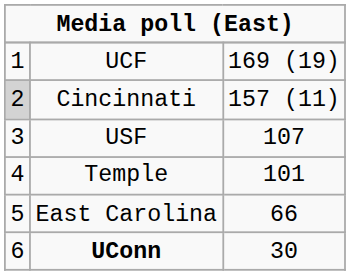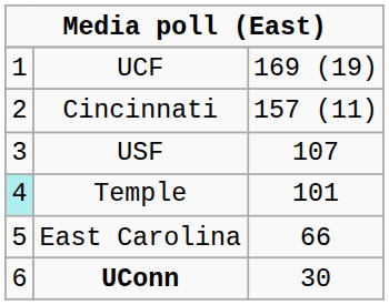 <table class="wikitable">
 <tr align="center">
 <td align="center" Colspan="3"><strong>Media poll (East)</strong></td>
 </tr>
 <tr align="center">
 </tr>
 <tr align="center">
 <td>1</td>
 <td>UCF</td>
 <td>169 (19)</td>
 </tr>
 <tr align="center">
-<td style="background: lightgrey;">2</td>
+<td>2</td>
 <td>Cincinnati</td>
 <td>157 (11)</td>
 </tr>
 <tr align="center">
 <td>3</td>
 <td>USF</td>
 <td>107</td>
 </tr>
 <tr align="center">
-<td>4</td>
+<td style="background: paleturquoise;">4</td>
 <td>Temple</td>
 <td>101</td>
 </tr>
 <tr align="center">
 <td>5</td>
 <td>East Carolina</td>
 <td>66</td>
 </tr>
 <tr align="center">
 <td>6</td>
 <td><strong>UConn</strong></td>
 <td>30</td>
 </tr>
 </table>
